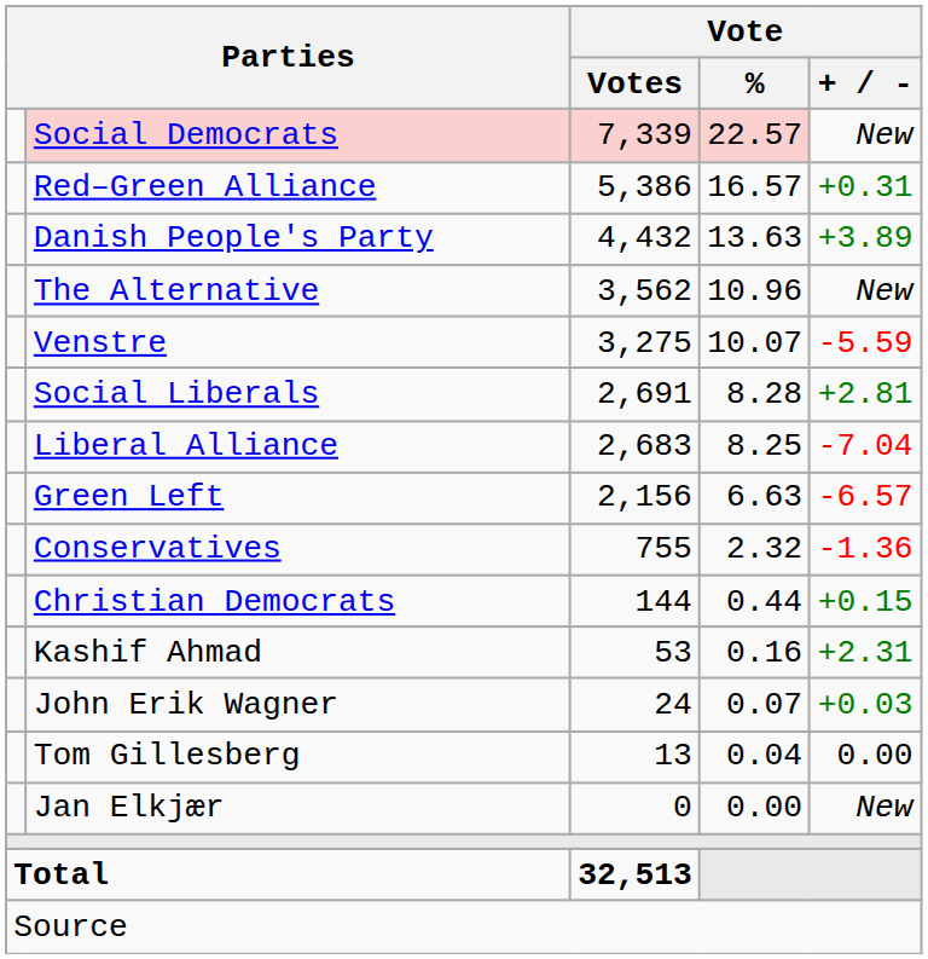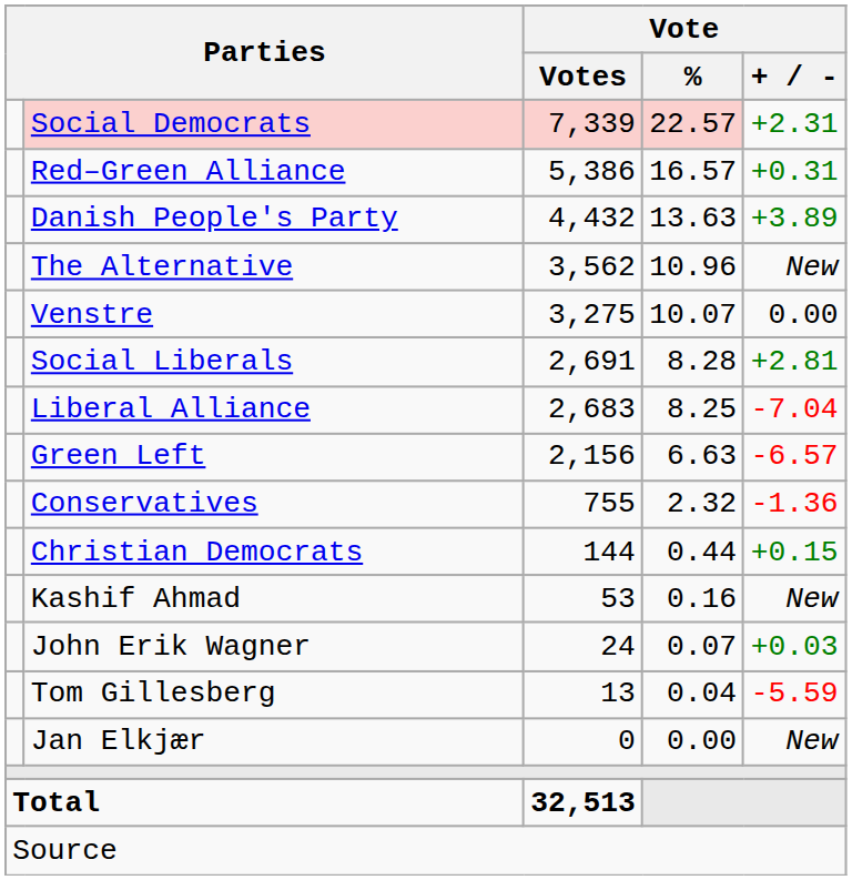 <table class="wikitable" style="text-align:right;">
 <tr>
 <th style="text-align:centre;" rowspan="2" colspan="2" width="225">Parties</th>
 <th colspan="3">Vote</th>
 </tr>
 <tr>
 <th width="15">Votes</th>
 <th width="15">%</th>
 <th width="15">+ / -</th>
 </tr>
 <tr>
 <td width="2" style="color:inherit;background:"></td>
 <td bgcolor=#fbd0ce  align="left"><a href='#'>Social Democrats</a></td>
 <td bgcolor=#fbd0ce>7,339</td>
 <td bgcolor=#fbd0ce>22.57</td>
-<td><em>New</em></td>
+<td style=color:green;>+2.31</td>
 </tr>
 <tr>
 <td width="2" style="color:inherit;background:"></td>
 <td align="left"><a href='#'>Red–Green Alliance</a></td>
 <td>5,386</td>
 <td>16.57</td>
 <td style=color:green;>+0.31</td>
 </tr>
 <tr>
 <td width="2" style="color:inherit;background:"></td>
 <td align="left"><a href='#'>Danish People's Party</a></td>
 <td>4,432</td>
 <td>13.63</td>
 <td style=color:green;>+3.89</td>
 </tr>
 <tr>
 <td width="2" style="color:inherit;background:"></td>
 <td align="left"><a href='#'>The Alternative</a></td>
 <td>3,562</td>
 <td>10.96</td>
 <td><em>New</em></td>
 </tr>
 <tr>
 <td width="2" style="color:inherit;background:"></td>
 <td align="left"><a href='#'>Venstre</a></td>
 <td>3,275</td>
 <td>10.07</td>
-<td style=color:red;>-5.59</td>
+<td>0.00</td>
 </tr>
 <tr>
 <td width="2" style="color:inherit;background:"></td>
 <td align="left"><a href='#'>Social Liberals</a></td>
 <td>2,691</td>
 <td>8.28</td>
 <td style=color:green;>+2.81</td>
 </tr>
 <tr>
 <td width="2" style="color:inherit;background:"></td>
 <td align="left"><a href='#'>Liberal Alliance</a></td>
 <td>2,683</td>
 <td>8.25</td>
 <td style=color:red;>-7.04</td>
 </tr>
 <tr>
 <td width="2" style="color:inherit;background:"></td>
 <td align="left"><a href='#'>Green Left</a></td>
 <td>2,156</td>
 <td>6.63</td>
 <td style=color:red;>-6.57</td>
 </tr>
 <tr>
 <td width="2" style="color:inherit;background:"></td>
 <td align="left"><a href='#'>Conservatives</a></td>
 <td>755</td>
 <td>2.32</td>
 <td style=color:red;>-1.36</td>
 </tr>
 <tr>
 <td width="2" style="color:inherit;background:"></td>
 <td align="left"><a href='#'>Christian Democrats</a></td>
 <td>144</td>
 <td>0.44</td>
 <td style=color:green;>+0.15</td>
 </tr>
 <tr>
 <td width="2" style="color:inherit;background:"></td>
 <td align="left">Kashif Ahmad</td>
 <td>53</td>
 <td>0.16</td>
-<td style=color:green;>+2.31</td>
+<td><em>New</em></td>
 </tr>
 <tr>
 <td width="2" style="color:inherit;background:"></td>
 <td align="left">John Erik Wagner</td>
 <td>24</td>
 <td>0.07</td>
 <td style=color:green;>+0.03</td>
 </tr>
 <tr>
 <td width="2" style="color:inherit;background:"></td>
 <td align="left">Tom Gillesberg</td>
 <td>13</td>
 <td>0.04</td>
-<td>0.00</td>
+<td style=color:red;>-5.59</td>
 </tr>
 <tr>
 <td width="2" style="color:inherit;background:"></td>
 <td align="left">Jan Elkjær</td>
 <td>0</td>
 <td>0.00</td>
 <td><em>New</em></td>
 </tr>
 <tr>
 <td colspan="7" bgcolor="#E9E9E9"></td>
 </tr>
 <tr>
 <td align="left" colspan="2"><strong>Total</strong></td>
 <td><strong>32,513</strong></td>
 <td bgcolor="#E9E9E9" colspan="2"></td>
 </tr>
 <tr>
 <td align="left" colspan="6">Source</td>
 </tr>
 </table>
